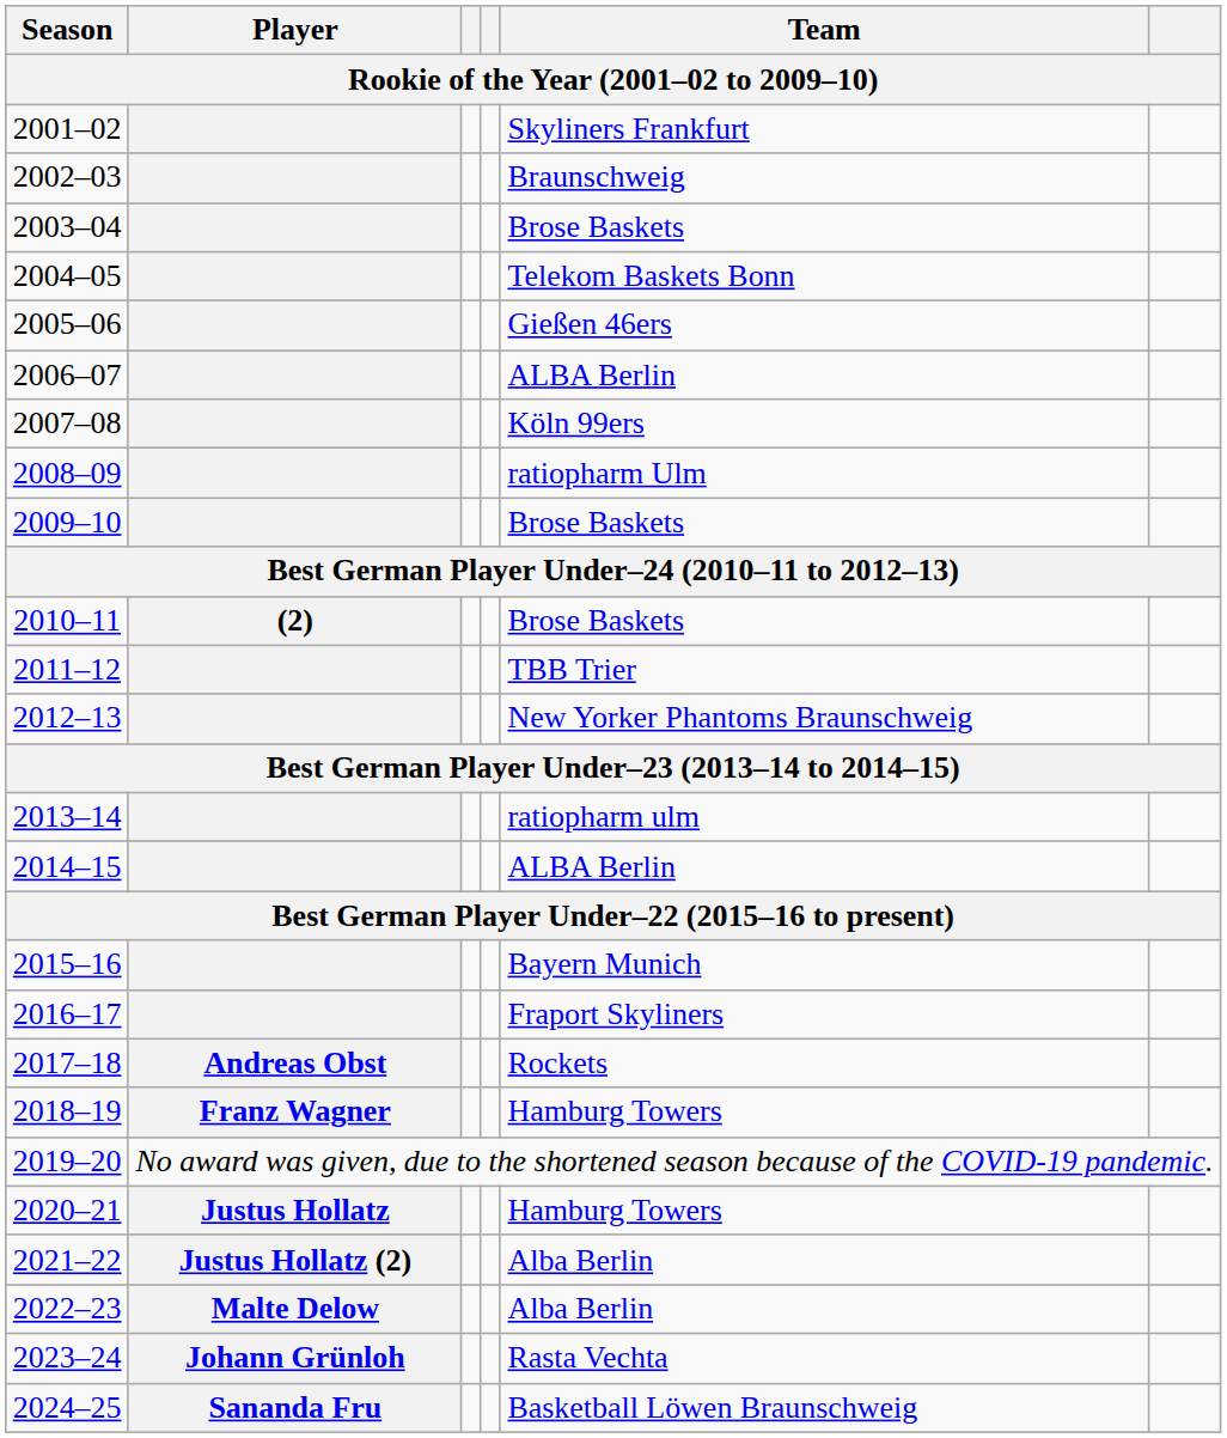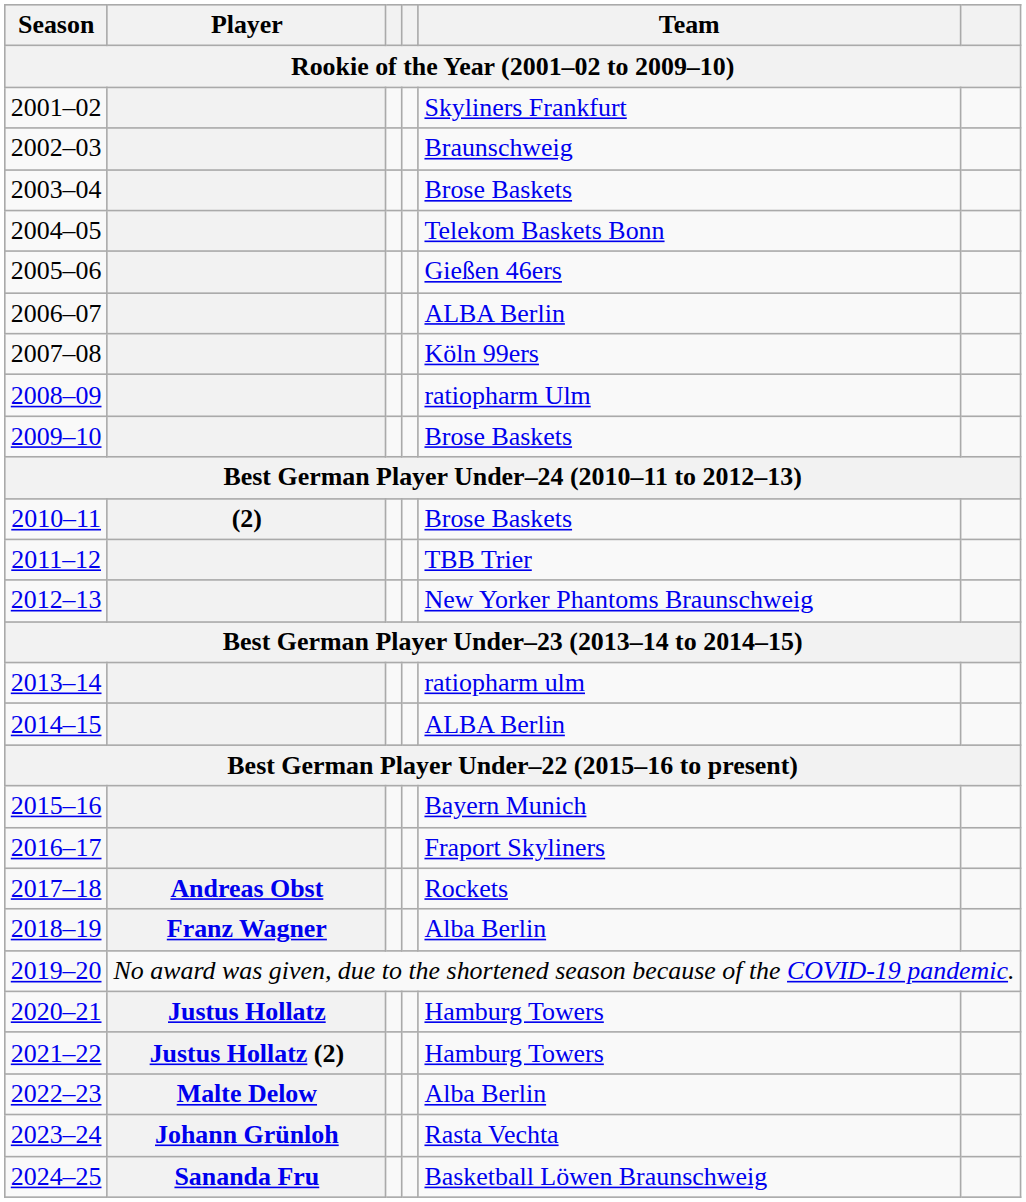 <table class="wikitable plainrowheaders sortable" summary="Season (sortable), Player (sortable), Position (sortable), Team (sortable), and References">
 <tr>
 <th scope="col">Season</th>
 <th scope="col">Player</th>
 <th scope="col"></th>
 <th scope="col"></th>
 <th scope="col">Team</th>
 <th scope="col" width=30 class="unsortable"></th>
 </tr>
 <tr>
 <th colspan="6">Rookie of the Year (2001–02 to 2009–10)</th>
 </tr>
 <tr>
 <td style="text-align:center;">2001–02</td>
 <th scope="row"></th>
 <td style="text-align:center;"></td>
 <td style="text-align:center;"></td>
 <td><a href='#'>Skyliners Frankfurt</a></td>
 <td align=center></td>
 </tr>
 <tr>
 <td style="text-align:center;">2002–03</td>
 <th scope="row"></th>
 <td style="text-align:center;"></td>
 <td style="text-align:center;"></td>
 <td><a href='#'>Braunschweig</a></td>
 <td align=center></td>
 </tr>
 <tr>
 <td style="text-align:center;">2003–04</td>
 <th scope="row"></th>
 <td style="text-align:center;"></td>
 <td style="text-align:center;"></td>
 <td><a href='#'>Brose Baskets</a></td>
 <td align=center></td>
 </tr>
 <tr>
 <td style="text-align:center;">2004–05</td>
 <th scope="row"></th>
 <td style="text-align:center;"></td>
 <td style="text-align:center;"></td>
 <td><a href='#'>Telekom Baskets Bonn</a></td>
 <td align=center></td>
 </tr>
 <tr>
 <td style="text-align:center;">2005–06</td>
 <th scope="row"></th>
 <td style="text-align:center;"></td>
 <td style="text-align:center;"></td>
 <td><a href='#'>Gießen 46ers</a></td>
 <td align=center></td>
 </tr>
 <tr>
 <td style="text-align:center;">2006–07</td>
 <th scope="row"></th>
 <td style="text-align:center;"></td>
 <td style="text-align:center;"></td>
 <td><a href='#'>ALBA Berlin</a></td>
 <td align=center></td>
 </tr>
 <tr>
 <td style="text-align:center;">2007–08</td>
 <th scope="row"></th>
 <td style="text-align:center;"></td>
 <td style="text-align:center;"></td>
 <td><a href='#'>Köln 99ers</a></td>
 <td align=center></td>
 </tr>
 <tr>
 <td style="text-align:center;"><a href='#'>2008–09</a></td>
 <th scope="row"></th>
 <td style="text-align:center;"></td>
 <td style="text-align:center;"></td>
 <td><a href='#'>ratiopharm Ulm</a></td>
 <td align=center></td>
 </tr>
 <tr>
 <td style="text-align:center;"><a href='#'>2009–10</a></td>
 <th scope="row"></th>
 <td style="text-align:center;"></td>
 <td style="text-align:center;"></td>
 <td><a href='#'>Brose Baskets</a></td>
 <td align=center></td>
 </tr>
 <tr>
 <th colspan="6">Best German Player Under–24 (2010–11 to 2012–13)</th>
 </tr>
 <tr>
 <td style="text-align:center;"><a href='#'>2010–11</a></td>
 <th scope="row"> (2)</th>
 <td style="text-align:center;"></td>
 <td style="text-align:center;"></td>
 <td><a href='#'>Brose Baskets</a></td>
 <td align=center></td>
 </tr>
 <tr>
 <td style="text-align:center;"><a href='#'>2011–12</a></td>
 <th scope="row"></th>
 <td style="text-align:center;"></td>
 <td style="text-align:center;"></td>
 <td><a href='#'>TBB Trier</a></td>
 <td align=center></td>
 </tr>
 <tr>
 <td style="text-align:center;"><a href='#'>2012–13</a></td>
 <th scope="row"></th>
 <td style="text-align:center;"></td>
 <td style="text-align:center;"></td>
 <td><a href='#'>New Yorker Phantoms Braunschweig</a></td>
 <td align=center></td>
 </tr>
 <tr>
 <th colspan="6">Best German Player Under–23 (2013–14 to 2014–15)</th>
 </tr>
 <tr>
 <td style="text-align:center;"><a href='#'>2013–14</a></td>
 <th scope="row"></th>
 <td style="text-align:center;"></td>
 <td style="text-align:center;"></td>
 <td><a href='#'>ratiopharm ulm</a></td>
 <td align=center></td>
 </tr>
 <tr>
 <td align=center><a href='#'>2014–15</a></td>
 <th scope="row"></th>
 <td align=center></td>
 <td style="text-align:center;"></td>
 <td><a href='#'>ALBA Berlin</a></td>
 <td align=center></td>
 </tr>
 <tr>
 <th colspan="6">Best German Player Under–22 (2015–16 to present)</th>
 </tr>
 <tr>
 <td align=center><a href='#'>2015–16</a></td>
 <th scope="row"></th>
 <td align=center></td>
 <td style="text-align:center;"></td>
 <td><a href='#'>Bayern Munich</a></td>
 <td align=center></td>
 </tr>
 <tr>
 <td align=center><a href='#'>2016–17</a></td>
 <th scope="row"></th>
 <td align=center></td>
 <td style="text-align:center;"></td>
 <td><a href='#'>Fraport Skyliners</a></td>
 <td align=center></td>
 </tr>
 <tr>
 <td align=center><a href='#'>2017–18</a></td>
 <th scope="row"><a href='#'>Andreas Obst</a></th>
 <td align=center></td>
 <td style="text-align:center;"></td>
 <td><a href='#'>Rockets</a></td>
 <td align=center></td>
 </tr>
 <tr>
 <td align=center><a href='#'>2018–19</a></td>
 <th scope="row"><a href='#'>Franz Wagner</a></th>
 <td align=center></td>
 <td style="text-align:center;"></td>
-<td><a href='#'>Hamburg Towers</a></td>
+<td><a href='#'>Alba Berlin</a></td>
 <td align=center></td>
 </tr>
 <tr>
 <td align=center><a href='#'>2019–20</a></td>
 <td colspan=5 align=center><em>No award was given, due to the shortened season because of the <a href='#'>COVID-19 pandemic</a>.</em></td>
 </tr>
 <tr>
 <td align=center><a href='#'>2020–21</a></td>
 <th scope="row"><a href='#'>Justus Hollatz</a></th>
 <td align=center></td>
 <td style="text-align:center;"></td>
 <td><a href='#'>Hamburg Towers</a></td>
 <td align=center></td>
 </tr>
 <tr>
 <td align=center><a href='#'>2021–22</a></td>
 <th scope="row"><a href='#'>Justus Hollatz</a> (2)</th>
 <td align=center></td>
 <td style="text-align:center;"></td>
-<td><a href='#'>Alba Berlin</a></td>
+<td><a href='#'>Hamburg Towers</a></td>
 <td align=center></td>
 </tr>
 <tr>
 <td align=center><a href='#'>2022–23</a></td>
 <th scope="row"><a href='#'>Malte Delow</a></th>
 <td align=center></td>
 <td style="text-align:center;"></td>
 <td><a href='#'>Alba Berlin</a></td>
 <td align=center></td>
 </tr>
 <tr>
 <td align=center><a href='#'>2023–24</a></td>
 <th scope="row"><a href='#'>Johann Grünloh</a></th>
 <td align=center></td>
 <td style="text-align:center;"></td>
 <td><a href='#'>Rasta Vechta</a></td>
 <td align=center></td>
 </tr>
 <tr>
 <td align=center><a href='#'>2024–25</a></td>
 <th scope="row"><a href='#'>Sananda Fru</a></th>
 <td align=center></td>
 <td style="text-align:center;"></td>
 <td><a href='#'>Basketball Löwen Braunschweig</a></td>
 <td align=center></td>
 </tr>
 </table>
